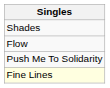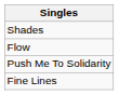 <table class="wikitable">
 <tr>
 <th>Singles</th>
 </tr>
 <tr>
 <td>Shades</td>
 </tr>
 <tr>
 <td>Flow</td>
 </tr>
 <tr>
 <td>Push Me To Solidarity</td>
 </tr>
 <tr>
-<td style="background: lightyellow;">Fine Lines</td>
+<td>Fine Lines</td>
 </tr>
 </table>
